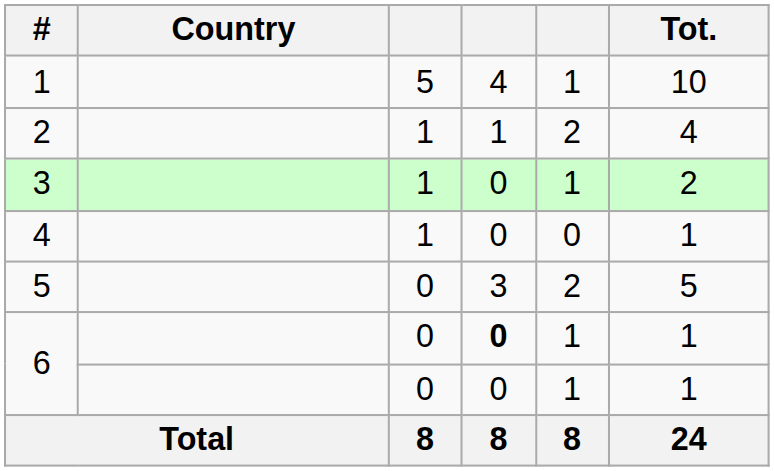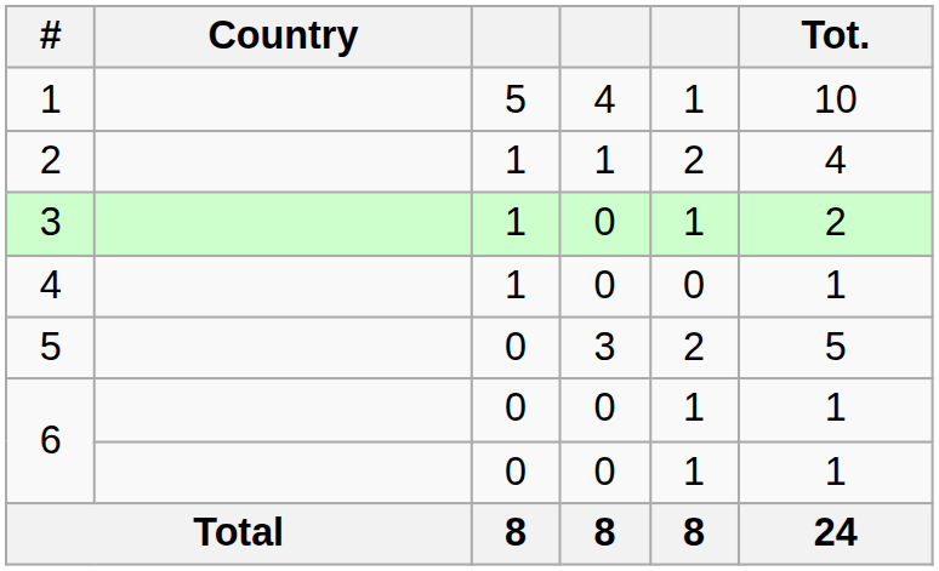 <table class="wikitable" width=30% style="font-size:100%; text-align:center;">
 <tr>
 <th>#</th>
 <th>Country</th>
 <th></th>
 <th></th>
 <th></th>
 <th>Tot.</th>
 </tr>
 <tr>
 <td>1</td>
 <td align=left></td>
 <td>5</td>
 <td>4</td>
 <td>1</td>
 <td>10</td>
 </tr>
 <tr>
 <td>2</td>
 <td align=left></td>
 <td>1</td>
 <td>1</td>
 <td>2</td>
 <td>4</td>
 </tr>
 <tr style="background:#ccffcc;">
 <td>3</td>
 <td align=left></td>
 <td>1</td>
 <td>0</td>
 <td>1</td>
 <td>2</td>
 </tr>
 <tr>
 <td>4</td>
 <td align=left></td>
 <td>1</td>
 <td>0</td>
 <td>0</td>
 <td>1</td>
 </tr>
 <tr>
 <td>5</td>
 <td align=left></td>
 <td>0</td>
 <td>3</td>
 <td>2</td>
 <td>5</td>
 </tr>
 <tr>
 <td rowspan=2>6</td>
 <td align=left></td>
 <td>0</td>
-<td><strong>0</strong></td>
+<td>0</td>
 <td>1</td>
 <td>1</td>
 </tr>
 <tr>
 <td align=left></td>
 <td>0</td>
 <td>0</td>
 <td>1</td>
 <td>1</td>
 </tr>
 <tr class="sortbottom">
 <th colspan=2>Total</th>
 <th>8</th>
 <th>8</th>
 <th>8</th>
 <th>24</th>
 </tr>
 </table>
